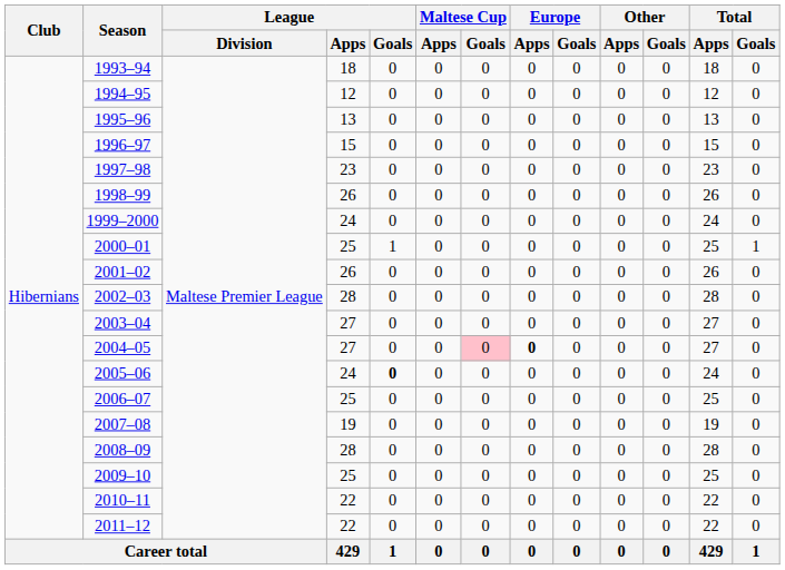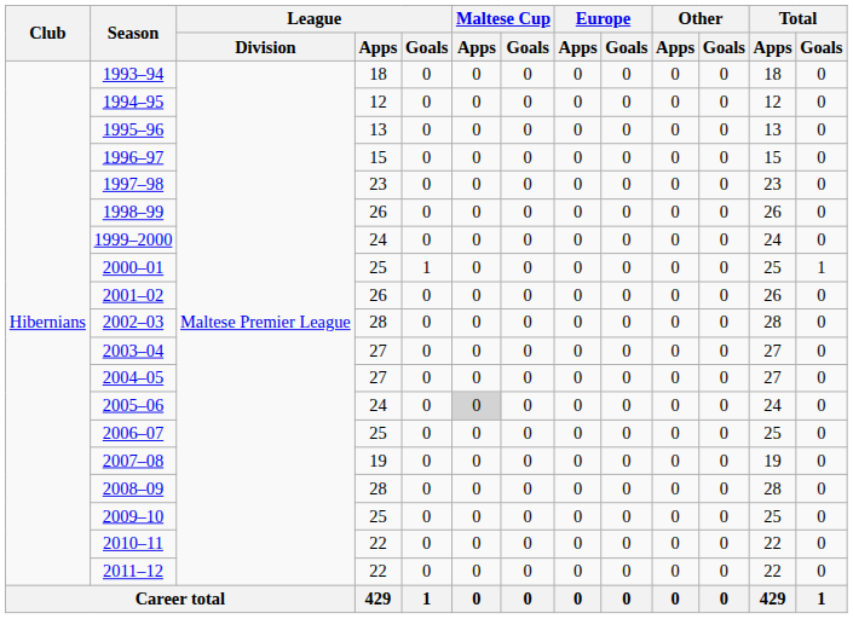 <table class="wikitable" style="text-align: center">
 <tr>
 <th rowspan="2">Club</th>
 <th rowspan="2">Season</th>
 <th colspan="3">League</th>
 <th colspan="2"><a href='#'>Maltese Cup</a></th>
 <th colspan="2"><a href='#'>Europe</a></th>
 <th colspan="2">Other</th>
 <th colspan="2">Total</th>
 </tr>
 <tr>
 <th>Division</th>
 <th>Apps</th>
 <th>Goals</th>
 <th>Apps</th>
 <th>Goals</th>
 <th>Apps</th>
 <th>Goals</th>
 <th>Apps</th>
 <th>Goals</th>
 <th>Apps</th>
 <th>Goals</th>
 </tr>
 <tr>
 <td rowspan="19"><a href='#'>Hibernians</a></td>
 <td><a href='#'>1993–94</a></td>
 <td rowspan="19"><a href='#'>Maltese Premier League</a></td>
 <td>18</td>
 <td>0</td>
 <td>0</td>
 <td>0</td>
 <td>0</td>
 <td>0</td>
 <td>0</td>
 <td>0</td>
 <td>18</td>
 <td>0</td>
 </tr>
 <tr>
 <td><a href='#'>1994–95</a></td>
 <td>12</td>
 <td>0</td>
 <td>0</td>
 <td>0</td>
 <td>0</td>
 <td>0</td>
 <td>0</td>
 <td>0</td>
 <td>12</td>
 <td>0</td>
 </tr>
 <tr>
 <td><a href='#'>1995–96</a></td>
 <td>13</td>
 <td>0</td>
 <td>0</td>
 <td>0</td>
 <td>0</td>
 <td>0</td>
 <td>0</td>
 <td>0</td>
 <td>13</td>
 <td>0</td>
 </tr>
 <tr>
 <td><a href='#'>1996–97</a></td>
 <td>15</td>
 <td>0</td>
 <td>0</td>
 <td>0</td>
 <td>0</td>
 <td>0</td>
 <td>0</td>
 <td>0</td>
 <td>15</td>
 <td>0</td>
 </tr>
 <tr>
 <td><a href='#'>1997–98</a></td>
 <td>23</td>
 <td>0</td>
 <td>0</td>
 <td>0</td>
 <td>0</td>
 <td>0</td>
 <td>0</td>
 <td>0</td>
 <td>23</td>
 <td>0</td>
 </tr>
 <tr>
 <td><a href='#'>1998–99</a></td>
 <td>26</td>
 <td>0</td>
 <td>0</td>
 <td>0</td>
 <td>0</td>
 <td>0</td>
 <td>0</td>
 <td>0</td>
 <td>26</td>
 <td>0</td>
 </tr>
 <tr>
 <td><a href='#'>1999–2000</a></td>
 <td>24</td>
 <td>0</td>
 <td>0</td>
 <td>0</td>
 <td>0</td>
 <td>0</td>
 <td>0</td>
 <td>0</td>
 <td>24</td>
 <td>0</td>
 </tr>
 <tr>
 <td><a href='#'>2000–01</a></td>
 <td>25</td>
 <td>1</td>
 <td>0</td>
 <td>0</td>
 <td>0</td>
 <td>0</td>
 <td>0</td>
 <td>0</td>
 <td>25</td>
 <td>1</td>
 </tr>
 <tr>
 <td><a href='#'>2001–02</a></td>
 <td>26</td>
 <td>0</td>
 <td>0</td>
 <td>0</td>
 <td>0</td>
 <td>0</td>
 <td>0</td>
 <td>0</td>
 <td>26</td>
 <td>0</td>
 </tr>
 <tr>
 <td><a href='#'>2002–03</a></td>
 <td>28</td>
 <td>0</td>
 <td>0</td>
 <td>0</td>
 <td>0</td>
 <td>0</td>
 <td>0</td>
 <td>0</td>
 <td>28</td>
 <td>0</td>
 </tr>
 <tr>
 <td><a href='#'>2003–04</a></td>
 <td>27</td>
 <td>0</td>
 <td>0</td>
 <td>0</td>
 <td>0</td>
 <td>0</td>
 <td>0</td>
 <td>0</td>
 <td>27</td>
 <td>0</td>
 </tr>
 <tr>
 <td><a href='#'>2004–05</a></td>
 <td>27</td>
 <td>0</td>
 <td>0</td>
-<td style="background: pink;">0</td>
-<td><strong>0</strong></td>
+<td>0</td>
+<td>0</td>
 <td>0</td>
 <td>0</td>
 <td>0</td>
 <td>27</td>
 <td>0</td>
 </tr>
 <tr>
 <td><a href='#'>2005–06</a></td>
 <td>24</td>
-<td><strong>0</strong></td>
 <td>0</td>
+<td style="background: lightgrey;">0</td>
 <td>0</td>
 <td>0</td>
 <td>0</td>
 <td>0</td>
 <td>0</td>
 <td>24</td>
 <td>0</td>
 </tr>
 <tr>
 <td><a href='#'>2006–07</a></td>
 <td>25</td>
 <td>0</td>
 <td>0</td>
 <td>0</td>
 <td>0</td>
 <td>0</td>
 <td>0</td>
 <td>0</td>
 <td>25</td>
 <td>0</td>
 </tr>
 <tr>
 <td><a href='#'>2007–08</a></td>
 <td>19</td>
 <td>0</td>
 <td>0</td>
 <td>0</td>
 <td>0</td>
 <td>0</td>
 <td>0</td>
 <td>0</td>
 <td>19</td>
 <td>0</td>
 </tr>
 <tr>
 <td><a href='#'>2008–09</a></td>
 <td>28</td>
 <td>0</td>
 <td>0</td>
 <td>0</td>
 <td>0</td>
 <td>0</td>
 <td>0</td>
 <td>0</td>
 <td>28</td>
 <td>0</td>
 </tr>
 <tr>
 <td><a href='#'>2009–10</a></td>
 <td>25</td>
 <td>0</td>
 <td>0</td>
 <td>0</td>
 <td>0</td>
 <td>0</td>
 <td>0</td>
 <td>0</td>
 <td>25</td>
 <td>0</td>
 </tr>
 <tr>
 <td><a href='#'>2010–11</a></td>
 <td>22</td>
 <td>0</td>
 <td>0</td>
 <td>0</td>
 <td>0</td>
 <td>0</td>
 <td>0</td>
 <td>0</td>
 <td>22</td>
 <td>0</td>
 </tr>
 <tr>
 <td><a href='#'>2011–12</a></td>
 <td>22</td>
 <td>0</td>
 <td>0</td>
 <td>0</td>
 <td>0</td>
 <td>0</td>
 <td>0</td>
 <td>0</td>
 <td>22</td>
 <td>0</td>
 </tr>
 <tr>
 <th colspan="3">Career total</th>
 <th>429</th>
 <th>1</th>
 <th>0</th>
 <th>0</th>
 <th>0</th>
 <th>0</th>
 <th>0</th>
 <th>0</th>
 <th>429</th>
 <th>1</th>
 </tr>
 </table>
